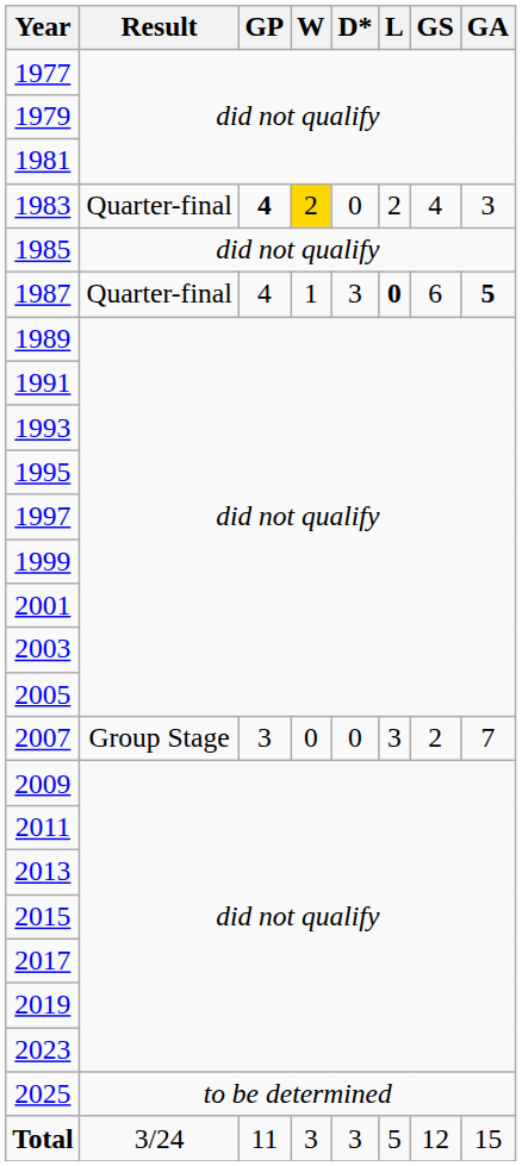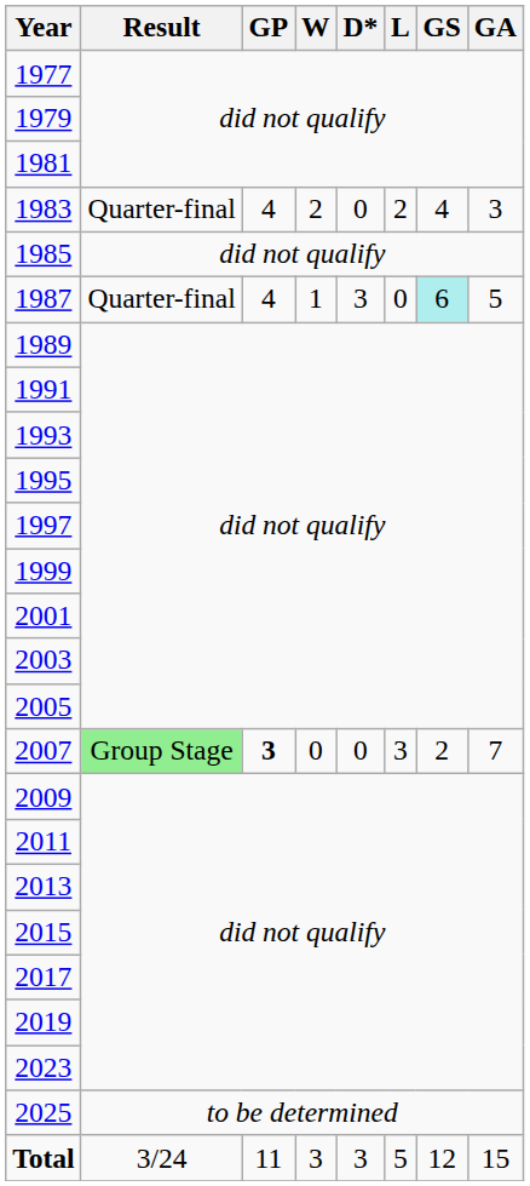 <table class="wikitable" style="text-align: center;">
 <tr>
 <th>Year</th>
 <th>Result</th>
 <th>GP</th>
 <th>W</th>
 <th>D*</th>
 <th>L</th>
 <th>GS</th>
 <th>GA</th>
 </tr>
 <tr>
 <td> <a href='#'>1977</a></td>
 <td rowspan=3 colspan=8><em>did not qualify</em></td>
 </tr>
 <tr>
 <td> <a href='#'>1979</a></td>
 </tr>
 <tr>
 <td> <a href='#'>1981</a></td>
 </tr>
 <tr>
 <td> <a href='#'>1983</a></td>
 <td>Quarter-final</td>
-<td><strong>4</strong></td>
-<td style="background: gold;">2</td>
+<td>4</td>
+<td>2</td>
 <td>0</td>
 <td>2</td>
 <td>4</td>
 <td>3</td>
 </tr>
 <tr>
 <td> <a href='#'>1985</a></td>
 <td rowspan=1 colspan=8><em>did not qualify</em></td>
 </tr>
 <tr>
 <td> <a href='#'>1987</a></td>
 <td>Quarter-final</td>
 <td>4</td>
 <td>1</td>
 <td>3</td>
-<td><strong>0</strong></td>
-<td>6</td>
-<td><strong>5</strong></td>
+<td>0</td>
+<td style="background: paleturquoise;">6</td>
+<td>5</td>
 </tr>
 <tr>
 <td> <a href='#'>1989</a></td>
 <td rowspan=9 colspan=8><em>did not qualify</em></td>
 </tr>
 <tr>
 <td> <a href='#'>1991</a></td>
 </tr>
 <tr>
 <td> <a href='#'>1993</a></td>
 </tr>
 <tr>
 <td> <a href='#'>1995</a></td>
 </tr>
 <tr>
 <td> <a href='#'>1997</a></td>
 </tr>
 <tr>
 <td> <a href='#'>1999</a></td>
 </tr>
 <tr>
 <td> <a href='#'>2001</a></td>
 </tr>
 <tr>
 <td> <a href='#'>2003</a></td>
 </tr>
 <tr>
 <td> <a href='#'>2005</a></td>
 </tr>
 <tr>
 <td> <a href='#'>2007</a></td>
-<td>Group Stage</td>
-<td>3</td>
+<td style="background: lightgreen;">Group Stage</td>
+<td><strong>3</strong></td>
 <td>0</td>
 <td>0</td>
 <td>3</td>
 <td>2</td>
 <td>7</td>
 </tr>
 <tr>
 <td> <a href='#'>2009</a></td>
 <td rowspan=7 colspan=8><em>did not qualify</em></td>
 </tr>
 <tr>
 <td> <a href='#'>2011</a></td>
 </tr>
 <tr>
 <td> <a href='#'>2013</a></td>
 </tr>
 <tr>
 <td> <a href='#'>2015</a></td>
 </tr>
 <tr>
 <td> <a href='#'>2017</a></td>
 </tr>
 <tr>
 <td> <a href='#'>2019</a></td>
 </tr>
 <tr>
 <td> <a href='#'>2023</a></td>
 </tr>
 <tr>
 <td> <a href='#'>2025</a></td>
 <td colspan=8><em>to be determined</em></td>
 </tr>
 <tr>
 <td><strong>Total</strong></td>
 <td>3/24</td>
 <td>11</td>
 <td>3</td>
 <td>3</td>
 <td>5</td>
 <td>12</td>
 <td>15</td>
 </tr>
 </table>
